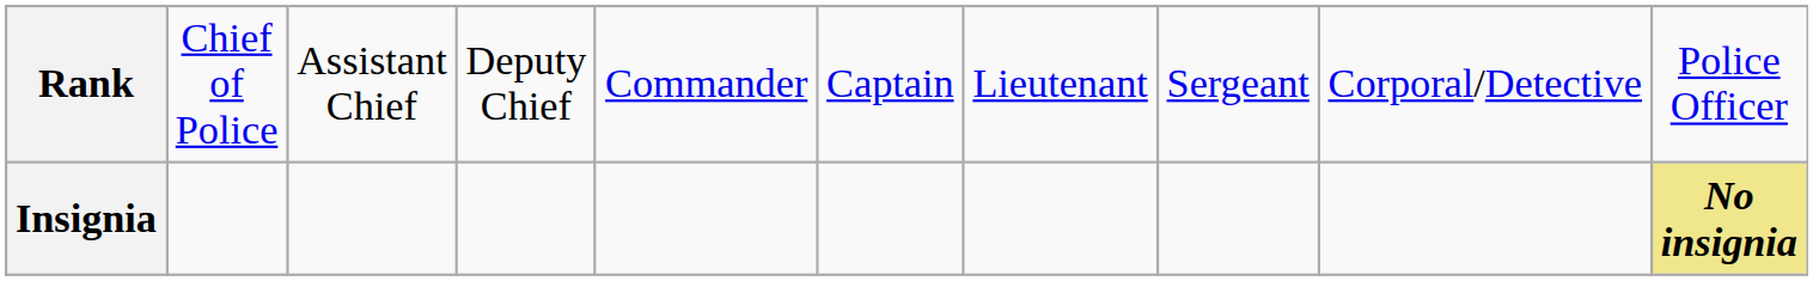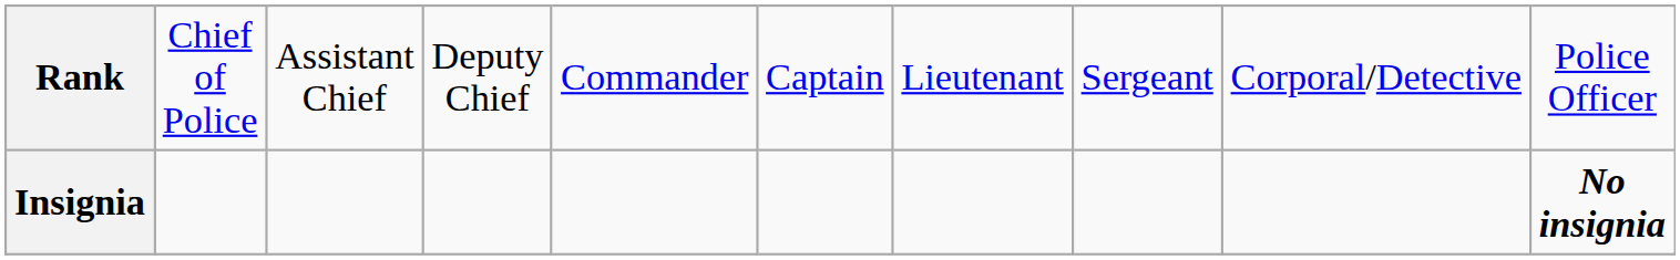 <table class="wikitable">
 <tr style="text-align:center;">
 <th>Rank</th>
 <td><a href='#'>Chief of Police</a></td>
 <td>Assistant Chief</td>
 <td>Deputy Chief</td>
 <td><a href='#'>Commander</a></td>
 <td><a href='#'>Captain</a></td>
 <td><a href='#'>Lieutenant</a></td>
 <td><a href='#'>Sergeant</a></td>
 <td><a href='#'>Corporal</a>/<a href='#'>Detective</a></td>
 <td><a href='#'>Police Officer</a></td>
 </tr>
 <tr style="text-align:center;">
 <th>Insignia</th>
 <td></td>
 <td></td>
 <td></td>
 <td></td>
 <td></td>
 <td></td>
 <td></td>
 <td></td>
-<td style="background: khaki;"><strong><em>No insignia</em></strong></td>
+<td><strong><em>No insignia</em></strong></td>
 </tr>
 </table>
